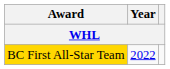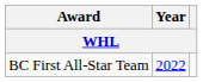 <table class="wikitable">
 <tr>
 <th>Award</th>
 <th>Year</th>
 <th></th>
 </tr>
 <tr>
 <th colspan="3"><a href='#'>WHL</a></th>
 </tr>
 <tr>
-<td style="background: gold;">BC First All-Star Team</td>
+<td>BC First All-Star Team</td>
 <td><a href='#'>2022</a></td>
 <td></td>
 </tr>
 </table>
